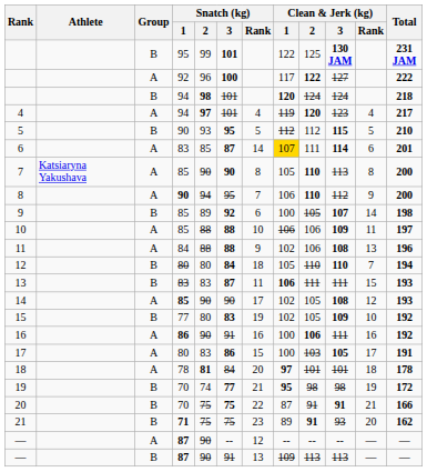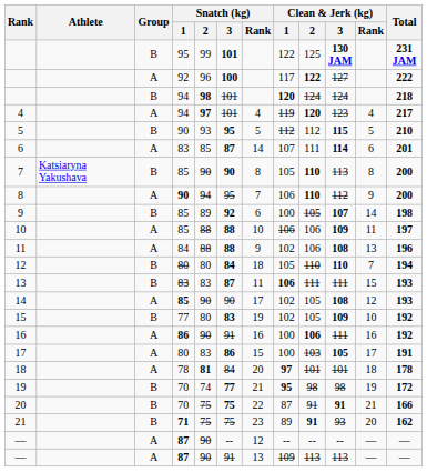 <table class = "wikitable" style="text-align:center;">
 <tr>
 <th rowspan=2 width=40>Rank</th>
 <th rowspan=2 width=250>Athlete</th>
 <th rowspan=2 width=50>Group</th>
 <th colspan=4>Snatch (kg)</th>
 <th colspan=4>Clean & Jerk (kg)</th>
 <th rowspan=2 width=60>Total</th>
 </tr>
 <tr>
 <th width=40>1</th>
 <th width=40>2</th>
 <th width=40>3</th>
 <th width=40>Rank</th>
 <th width=40>1</th>
 <th width=40>2</th>
 <th width=40>3</th>
 <th width=40>Rank</th>
 </tr>
 <tr>
 <td></td>
 <td align=left></td>
 <td>B</td>
 <td>95</td>
 <td>99</td>
 <td><strong>101</strong></td>
 <td></td>
 <td>122</td>
 <td>125</td>
 <td><strong>130 <a href='#'>JAM</a> </strong></td>
 <td></td>
 <td><strong>231 <a href='#'>JAM</a> </strong></td>
 </tr>
 <tr>
 <td></td>
 <td align=left></td>
 <td>A</td>
 <td>92</td>
 <td>96</td>
 <td><strong>100</strong></td>
 <td></td>
 <td>117</td>
 <td><strong>122</strong></td>
 <td><s>127</s></td>
 <td></td>
 <td><strong>222</strong></td>
 </tr>
 <tr>
 <td></td>
 <td align=left></td>
 <td>B</td>
 <td>94</td>
 <td><strong>98</strong></td>
 <td><s>101</s></td>
 <td></td>
 <td><strong>120</strong></td>
 <td><s>124</s></td>
 <td><s>124</s></td>
 <td></td>
 <td><strong>218</strong></td>
 </tr>
 <tr>
 <td>4</td>
 <td align=left></td>
 <td>A</td>
 <td>94</td>
 <td><strong>97</strong></td>
 <td><s>101</s></td>
 <td>4</td>
 <td><s>119</s></td>
 <td><strong>120</strong></td>
 <td><s>123</s></td>
 <td>4</td>
 <td><strong>217</strong></td>
 </tr>
 <tr>
 <td>5</td>
 <td align=left></td>
 <td>B</td>
 <td>90</td>
 <td>93</td>
 <td><strong>95</strong></td>
 <td>5</td>
 <td><s>112</s></td>
 <td>112</td>
 <td><strong>115</strong></td>
 <td>5</td>
 <td><strong>210</strong></td>
 </tr>
 <tr>
 <td>6</td>
 <td align=left></td>
 <td>A</td>
 <td>83</td>
 <td>85</td>
 <td><strong>87</strong></td>
 <td>14</td>
-<td style="background: gold;">107</td>
+<td>107</td>
 <td>111</td>
 <td><strong>114</strong></td>
 <td>6</td>
 <td><strong>201</strong></td>
 </tr>
 <tr>
 <td>7</td>
 <td align=left> <a href='#'>Katsiaryna Yakushava</a> </td>
-<td>A</td>
+<td>B</td>
 <td>85</td>
 <td><s>90</s></td>
 <td><strong>90</strong></td>
 <td>8</td>
 <td>105</td>
 <td><strong>110</strong></td>
 <td><s>113</s></td>
 <td>8</td>
 <td><strong>200</strong></td>
 </tr>
 <tr>
 <td>8</td>
 <td align=left></td>
 <td>A</td>
 <td><strong>90</strong></td>
 <td><s>94</s></td>
 <td><s>95</s></td>
 <td>7</td>
 <td>106</td>
 <td><strong>110</strong></td>
 <td><s>112</s></td>
 <td>9</td>
 <td><strong>200</strong></td>
 </tr>
 <tr>
 <td>9</td>
 <td align=left></td>
 <td>B</td>
 <td>85</td>
 <td>89</td>
 <td><strong>92</strong></td>
 <td>6</td>
 <td>100</td>
 <td><s>105</s></td>
 <td><strong>107</strong></td>
 <td>14</td>
 <td><strong>198</strong></td>
 </tr>
 <tr>
 <td>10</td>
 <td align=left></td>
 <td>A</td>
 <td>85</td>
 <td><s>88</s></td>
 <td><strong>88</strong></td>
 <td>10</td>
 <td><s>106</s></td>
 <td>106</td>
 <td><strong>109</strong></td>
 <td>11</td>
 <td><strong>197</strong></td>
 </tr>
 <tr>
 <td>11</td>
 <td align=left></td>
 <td>A</td>
 <td>84</td>
 <td><s>88</s></td>
 <td><strong>88</strong></td>
 <td>9</td>
 <td>102</td>
 <td>106</td>
 <td><strong>108</strong></td>
 <td>13</td>
 <td><strong>196</strong></td>
 </tr>
 <tr>
 <td>12</td>
 <td align=left></td>
 <td>B</td>
 <td><s>80</s></td>
 <td>80</td>
 <td><strong>84</strong></td>
 <td>18</td>
 <td>105</td>
 <td><s>110</s></td>
 <td><strong>110</strong></td>
 <td>7</td>
 <td><strong>194</strong></td>
 </tr>
 <tr>
 <td>13</td>
 <td align=left></td>
 <td>B</td>
 <td><s>83</s></td>
 <td>83</td>
 <td><strong>87</strong></td>
 <td>11</td>
 <td><strong>106</strong></td>
 <td><s>111</s></td>
 <td><s>111</s></td>
 <td>15</td>
 <td><strong>193</strong></td>
 </tr>
 <tr>
 <td>14</td>
 <td align=left></td>
 <td>A</td>
 <td><strong>85</strong></td>
 <td><s>90</s></td>
 <td><s>90</s></td>
 <td>17</td>
 <td>102</td>
 <td>105</td>
 <td><strong>108</strong></td>
 <td>12</td>
 <td><strong>193</strong></td>
 </tr>
 <tr>
 <td>15</td>
 <td align=left></td>
 <td>B</td>
 <td>77</td>
 <td>80</td>
 <td><strong>83</strong></td>
 <td>19</td>
 <td>102</td>
 <td>105</td>
 <td><strong>109</strong></td>
 <td>10</td>
 <td><strong>192</strong></td>
 </tr>
 <tr>
 <td>16</td>
 <td align=left></td>
 <td>A</td>
 <td><strong>86</strong></td>
 <td><s>90</s></td>
 <td><s>91</s></td>
 <td>16</td>
 <td>100</td>
 <td><strong>106</strong></td>
 <td><s>111</s></td>
 <td>16</td>
 <td><strong>192</strong></td>
 </tr>
 <tr>
 <td>17</td>
 <td align=left></td>
 <td>A</td>
 <td>80</td>
 <td>83</td>
 <td><strong>86</strong></td>
 <td>15</td>
 <td>100</td>
 <td><s>103</s></td>
 <td><strong>105</strong></td>
 <td>17</td>
 <td><strong>191</strong></td>
 </tr>
 <tr>
 <td>18</td>
 <td align=left></td>
 <td>A</td>
 <td>78</td>
 <td><strong>81</strong></td>
 <td><s>84</s></td>
 <td>20</td>
 <td><strong>97</strong></td>
 <td><s>101</s></td>
 <td><s>101</s></td>
 <td>18</td>
 <td><strong>178</strong></td>
 </tr>
 <tr>
 <td>19</td>
 <td align=left></td>
 <td>B</td>
 <td>70</td>
 <td>74</td>
 <td><strong>77</strong></td>
 <td>21</td>
 <td><strong>95</strong></td>
 <td><s>98</s></td>
 <td><s>98</s></td>
 <td>19</td>
 <td><strong>172</strong></td>
 </tr>
 <tr>
 <td>20</td>
 <td align=left></td>
 <td>B</td>
 <td>70</td>
 <td><s>75</s></td>
 <td><strong>75</strong></td>
 <td>22</td>
 <td>87</td>
 <td><s>91</s></td>
 <td><strong>91</strong></td>
 <td>21</td>
 <td><strong>166</strong></td>
 </tr>
 <tr>
 <td>21</td>
 <td align=left></td>
 <td>B</td>
 <td><strong>71</strong></td>
 <td><s>75</s></td>
 <td><s>75</s></td>
 <td>23</td>
 <td>89</td>
 <td><strong>91</strong></td>
 <td><s>93</s></td>
 <td>20</td>
 <td><strong>162</strong></td>
 </tr>
 <tr>
 <td>—</td>
 <td align=left></td>
 <td>A</td>
 <td><strong>87</strong></td>
 <td><s>90</s></td>
 <td>--</td>
 <td>12</td>
 <td>--</td>
 <td>--</td>
 <td>--</td>
 <td>—</td>
 <td><strong>—</strong></td>
 </tr>
 <tr>
 <td>—</td>
 <td align=left></td>
-<td>B</td>
+<td>A</td>
 <td><strong>87</strong></td>
 <td><s>90</s></td>
 <td><s>91</s></td>
 <td>13</td>
 <td><s>109</s></td>
 <td><s>113</s></td>
 <td><s>113</s></td>
 <td>—</td>
 <td><strong>—</strong></td>
 </tr>
 </table>
